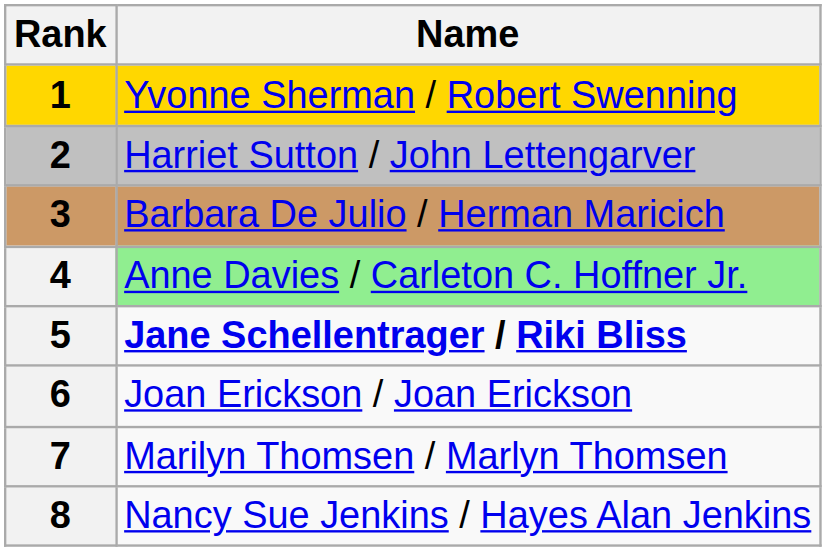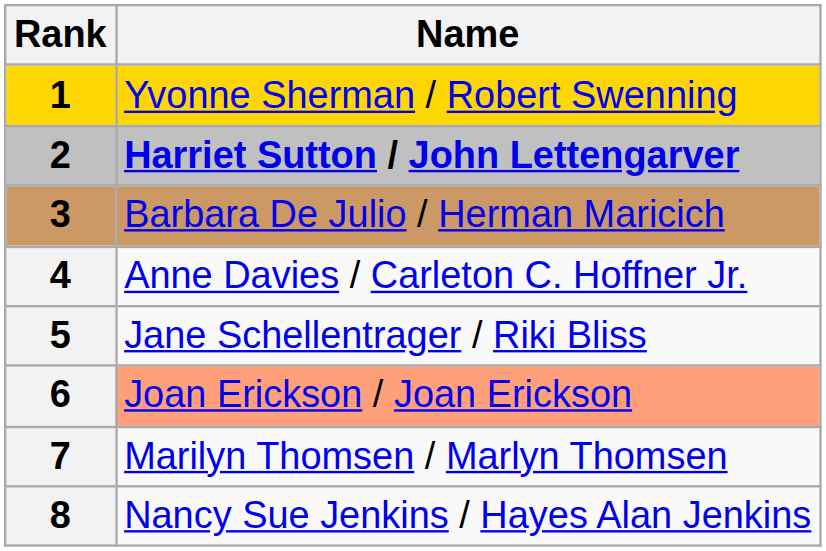 <table class="wikitable">
 <tr>
 <th>Rank</th>
 <th>Name</th>
 </tr>
 <tr bgcolor="gold">
 <td align="center"><strong>1</strong></td>
 <td><a href='#'>Yvonne Sherman</a> / <a href='#'>Robert Swenning</a></td>
 </tr>
 <tr bgcolor="silver">
 <td align="center"><strong>2</strong></td>
-<td><a href='#'>Harriet Sutton</a> / <a href='#'>John Lettengarver</a></td>
+<td><strong><a href='#'>Harriet Sutton</a> / <a href='#'>John Lettengarver</a></strong></td>
 </tr>
 <tr bgcolor="cc9966">
 <td align="center"><strong>3</strong></td>
 <td><a href='#'>Barbara De Julio</a> / <a href='#'>Herman Maricich</a></td>
 </tr>
 <tr>
 <th>4</th>
-<td style="background: lightgreen;"><a href='#'>Anne Davies</a> / <a href='#'>Carleton C. Hoffner Jr.</a></td>
+<td><a href='#'>Anne Davies</a> / <a href='#'>Carleton C. Hoffner Jr.</a></td>
 </tr>
 <tr>
 <th>5</th>
-<td><strong><a href='#'>Jane Schellentrager</a> / <a href='#'>Riki Bliss</a></strong></td>
+<td><a href='#'>Jane Schellentrager</a> / <a href='#'>Riki Bliss</a></td>
 </tr>
 <tr>
 <th>6</th>
-<td><a href='#'>Joan Erickson</a> / <a href='#'>Joan Erickson</a></td>
+<td style="background: lightsalmon;"><a href='#'>Joan Erickson</a> / <a href='#'>Joan Erickson</a></td>
 </tr>
 <tr>
 <th>7</th>
 <td><a href='#'>Marilyn Thomsen</a> / <a href='#'>Marlyn Thomsen</a></td>
 </tr>
 <tr>
 <th>8</th>
 <td><a href='#'>Nancy Sue Jenkins</a> / <a href='#'>Hayes Alan Jenkins</a></td>
 </tr>
 </table>
